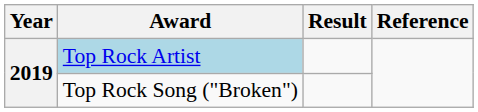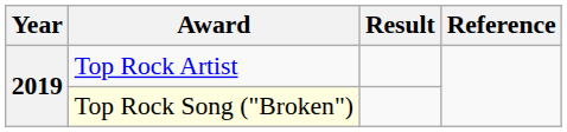 <table class="wikitable">
 <tr>
 <th>Year</th>
 <th>Award</th>
 <th>Result</th>
 <th>Reference</th>
 </tr>
 <tr>
 <th rowspan="2">2019</th>
-<td style="background: lightblue;"><a href='#'>Top Rock Artist</a></td>
+<td><a href='#'>Top Rock Artist</a></td>
 <td></td>
 <td rowspan="2"></td>
 </tr>
 <tr>
-<td>Top Rock Song ("Broken")</td>
+<td style="background: lightyellow;">Top Rock Song ("Broken")</td>
 <td></td>
 </tr>
 </table>
